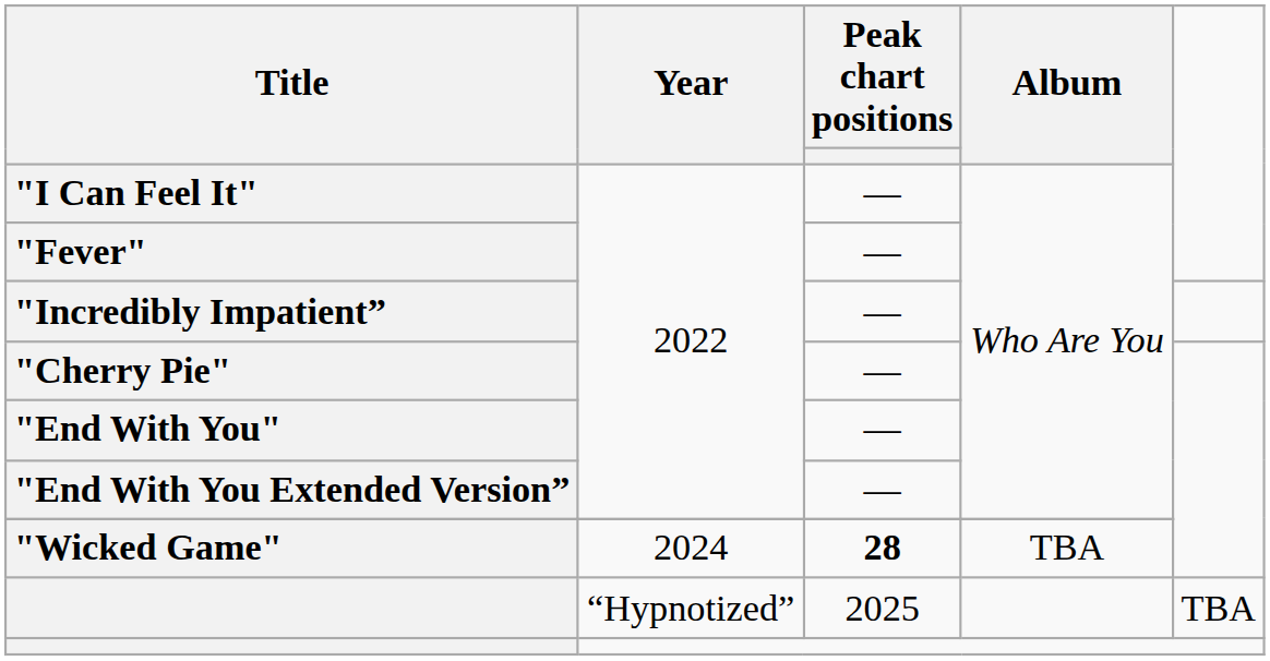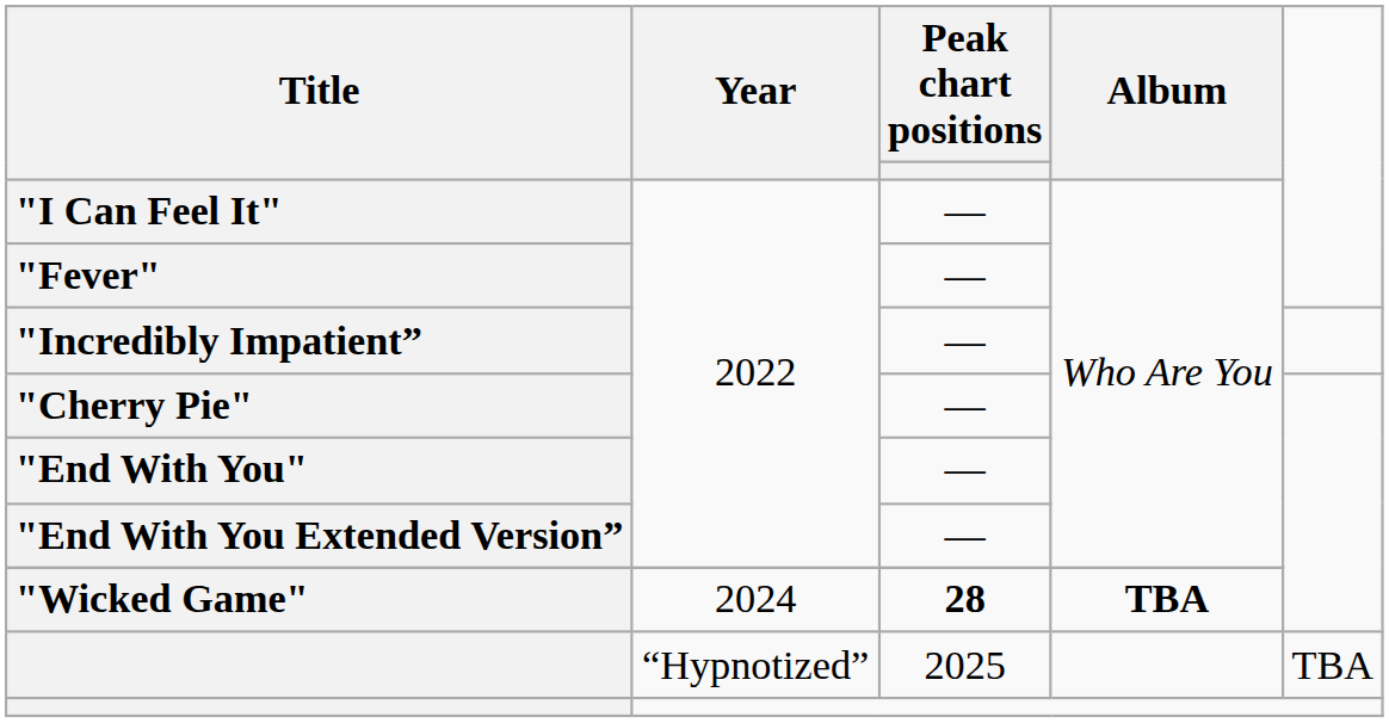 <table class="wikitable plainrowheaders" style="text-align:center;">
 <tr>
 <th rowspan="2" scope="col">Title</th>
 <th rowspan="2" scope="col">Year</th>
 <th scope="col">Peak chart positions</th>
 <th rowspan="2" scope="col">Album</th>
 </tr>
 <tr style="font-size:smaller;">
 <th style="width:50px;"></th>
 </tr>
 <tr>
 <th scope="row"; style="text-align:left;">"I Can Feel It"</th>
 <td rowspan="6”">2022</td>
 <td>—</td>
 <td rowspan="6”"><em>Who Are You</em></td>
 </tr>
 <tr>
 <th scope="row"; style="text-align:left;">"Fever"</th>
 <td>—</td>
 </tr>
 <tr>
 <th scope="row"; style="text-align:left;">"Incredibly Impatient”</th>
 <td>—</td>
 <td></td>
 </tr>
 <tr>
 <th scope="row"; style="text-align:left;">"Cherry Pie"</th>
 <td>—</td>
 </tr>
 <tr>
 <th scope="row"; style="text-align:left;">"End With You"</th>
 <td>—</td>
 </tr>
 <tr>
 <th scope="row"; style="text-align:left;">"End With You Extended Version”</th>
 <td>—</td>
 </tr>
 <tr>
 </tr>
 <tr>
 <th scope="row"; style="text-align:left;">"Wicked Game"</th>
 <td>2024</td>
 <td><strong>28</strong></td>
-<td>TBA</td>
+<td><strong>TBA</strong></td>
 </tr>
 <tr>
 <th></th>
 <td scope=“row”; style=“text-align:left;”>“Hypnotized”</td>
 <td>2025</td>
 <td></td>
 <td>TBA</td>
 </tr>
 <tr>
 <th></th>
 </tr>
 </table>
